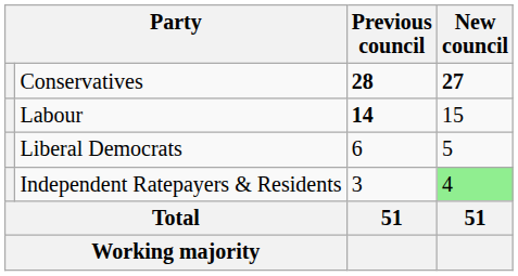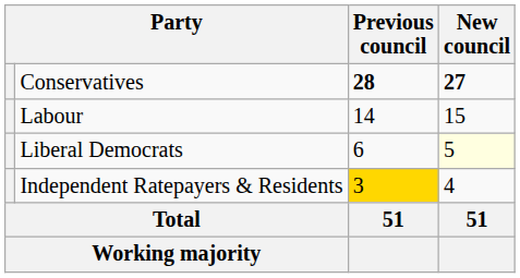 <table class="wikitable">
 <tr>
 <th valign=top colspan="2" style="width: 230px">Party</th>
 <th valign=top style="width: 30px">Previous council</th>
 <th valign=top style="width: 30px">New council</th>
 </tr>
 <tr>
 <th style="background-color: "></th>
 <td>Conservatives</td>
 <td><strong>28</strong></td>
 <td><strong>27</strong></td>
 </tr>
 <tr>
 <th style="background-color: "></th>
 <td>Labour</td>
-<td><strong>14</strong></td>
+<td>14</td>
 <td>15</td>
 </tr>
 <tr>
 <th style="background-color: "></th>
 <td>Liberal Democrats</td>
 <td>6</td>
-<td>5</td>
+<td style="background: lightyellow;">5</td>
 </tr>
 <tr>
 <th style="background-color: "></th>
 <td>Independent Ratepayers & Residents</td>
-<td>3</td>
-<td style="background: lightgreen;">4</td>
+<td style="background: gold;">3</td>
+<td>4</td>
 </tr>
 <tr>
 <th colspan=2>Total</th>
 <th style="text-align: center">51</th>
 <th colspan=3>51</th>
 </tr>
 <tr>
 <th colspan=2>Working majority</th>
 <th></th>
 <th></th>
 </tr>
 </table>
